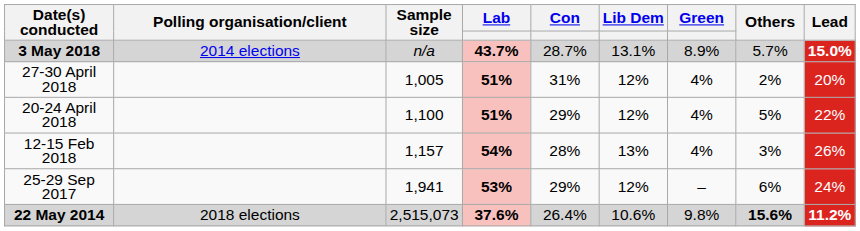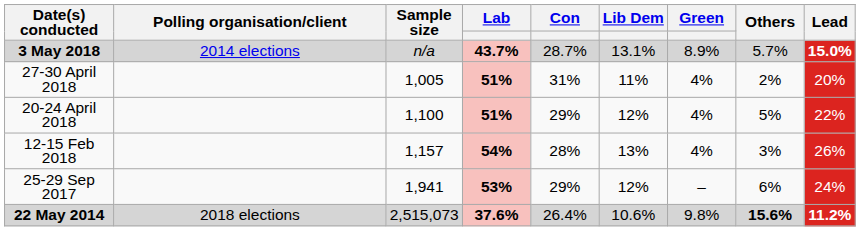 <table class="wikitable sortable" style="text-align:center;font-size:95%;line-height:14px">
 <tr>
 <th style="width:100px;" rowspan="2">Date(s)<br>conducted</th>
 <th style="width:260px;" rowspan="2">Polling organisation/client</th>
 <th style="width:65px;" rowspan="2">Sample size</th>
 <th style="width:60px;" class="unsortable"><a href='#'>Lab</a></th>
 <th style="width:60px;" class="unsortable"><a href='#'>Con</a></th>
 <th style="width:60px;" class="unsortable"><a href='#'>Lib Dem</a></th>
 <th style="width:60px;" class="unsortable"><a href='#'>Green</a></th>
 <th style="width:60px;" rowspan="2" class="unsortable">Others</th>
 <th class="unsortable" style="width:20px;" rowspan="2">Lead</th>
 </tr>
 <tr>
 <th class="unsortable" style="color:inherit;background:"></th>
 <th class="unsortable" style="color:inherit;background:"></th>
 <th class="unsortable" style="color:inherit;background:"></th>
 <th class="unsortable" style="color:inherit;background:"></th>
 </tr>
 <tr>
 <td style="background:#D5D5D5"><strong>3 May 2018</strong></td>
 <td style="background:#D5D5D5"><a href='#'>2014 elections</a></td>
 <td style="background:#D5D5D5"><em>n/a</em></td>
 <td style="background:#F8C1BE"><strong>43.7%</strong></td>
 <td style="background:#D5D5D5">28.7%</td>
 <td style="background:#D5D5D5">13.1%</td>
 <td style="background:#D5D5D5">8.9%</td>
 <td style="background:#D5D5D5">5.7%</td>
 <td style="background:#dc241f; color:white;"><strong>15.0%</strong></td>
 </tr>
 <tr>
 <td>27-30 April 2018</td>
 <td></td>
 <td>1,005</td>
 <td style="background:#F8C1BE"><strong>51%</strong></td>
 <td>31%</td>
-<td>12%</td>
+<td>11%</td>
 <td>4%</td>
 <td>2%</td>
 <td style="background:#dc241f; color:white;">20%</td>
 </tr>
 <tr>
 <td>20-24 April 2018</td>
 <td></td>
 <td>1,100</td>
 <td style="background:#F8C1BE"><strong>51%</strong></td>
 <td>29%</td>
 <td>12%</td>
 <td>4%</td>
 <td>5%</td>
 <td style="background:#dc241f; color:white;">22%</td>
 </tr>
 <tr>
 <td>12-15 Feb 2018</td>
 <td></td>
 <td>1,157</td>
 <td style="background:#F8C1BE"><strong>54%</strong></td>
 <td>28%</td>
 <td>13%</td>
 <td>4%</td>
 <td>3%</td>
 <td style="background:#dc241f; color:white;">26%</td>
 </tr>
 <tr>
 <td>25-29 Sep 2017</td>
 <td></td>
 <td>1,941</td>
 <td style="background:#F8C1BE"><strong>53%</strong></td>
 <td>29%</td>
 <td>12%</td>
 <td><em>–</em></td>
 <td>6%</td>
 <td style="background:#dc241f; color:white;">24%</td>
 </tr>
 <tr>
 <td style="background:#D5D5D5"><strong>22 May 2014</strong></td>
 <td style="background:#D5D5D5">2018 elections</td>
 <td style="background:#D5D5D5">2,515,073</td>
 <td style="background:#F8C1BE"><strong>37.6%</strong></td>
 <td style="background:#D5D5D5">26.4%</td>
 <td style="background:#D5D5D5">10.6%</td>
 <td style="background:#D5D5D5">9.8%</td>
 <td style="background:#D5D5D5"><strong>15.6%</strong></td>
 <td style="background:#dc241f; color:white;"><strong>11.2%</strong></td>
 </tr>
 </table>
